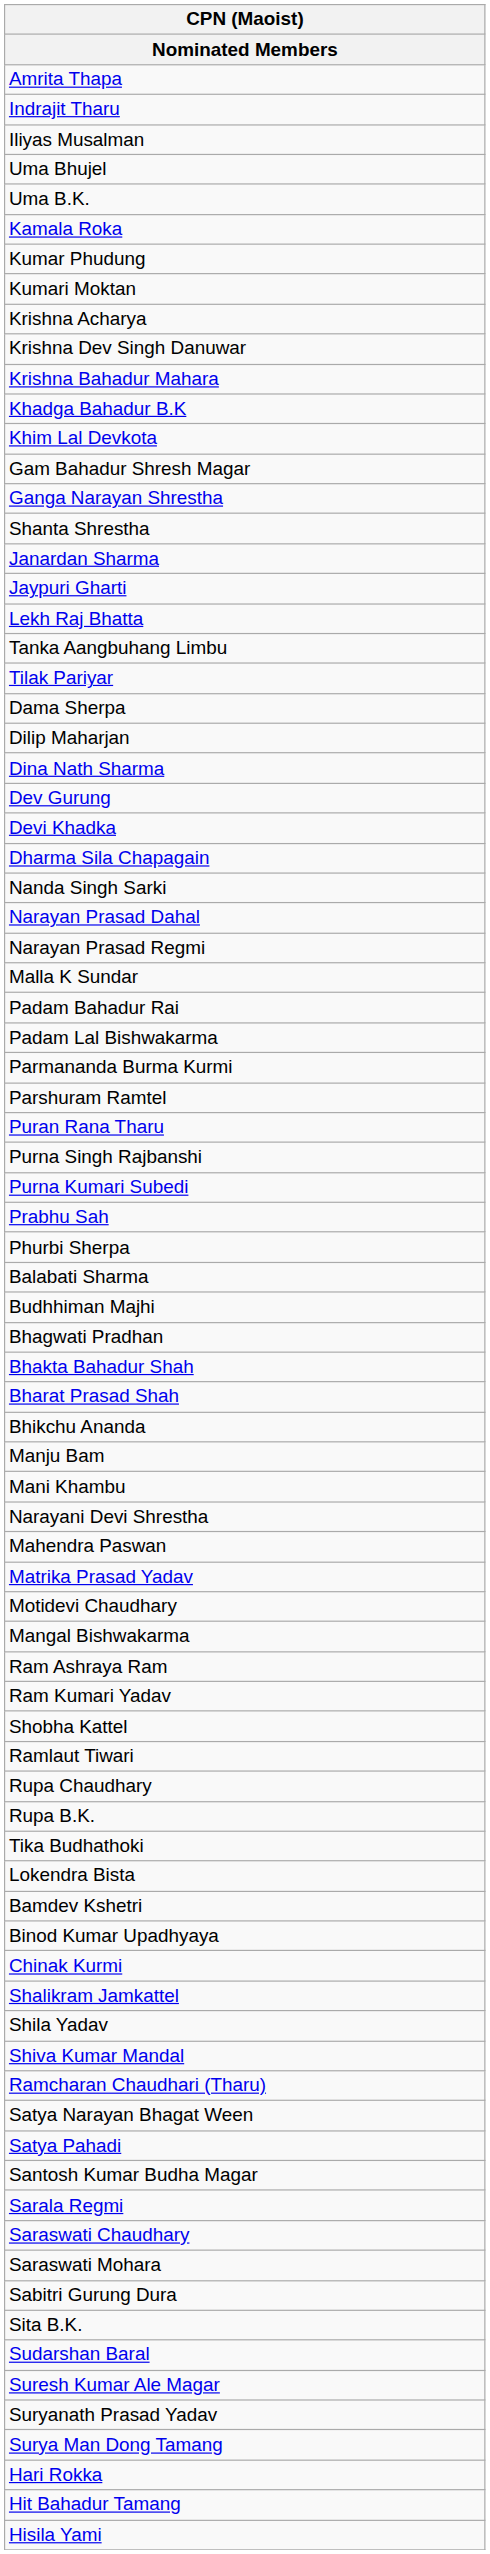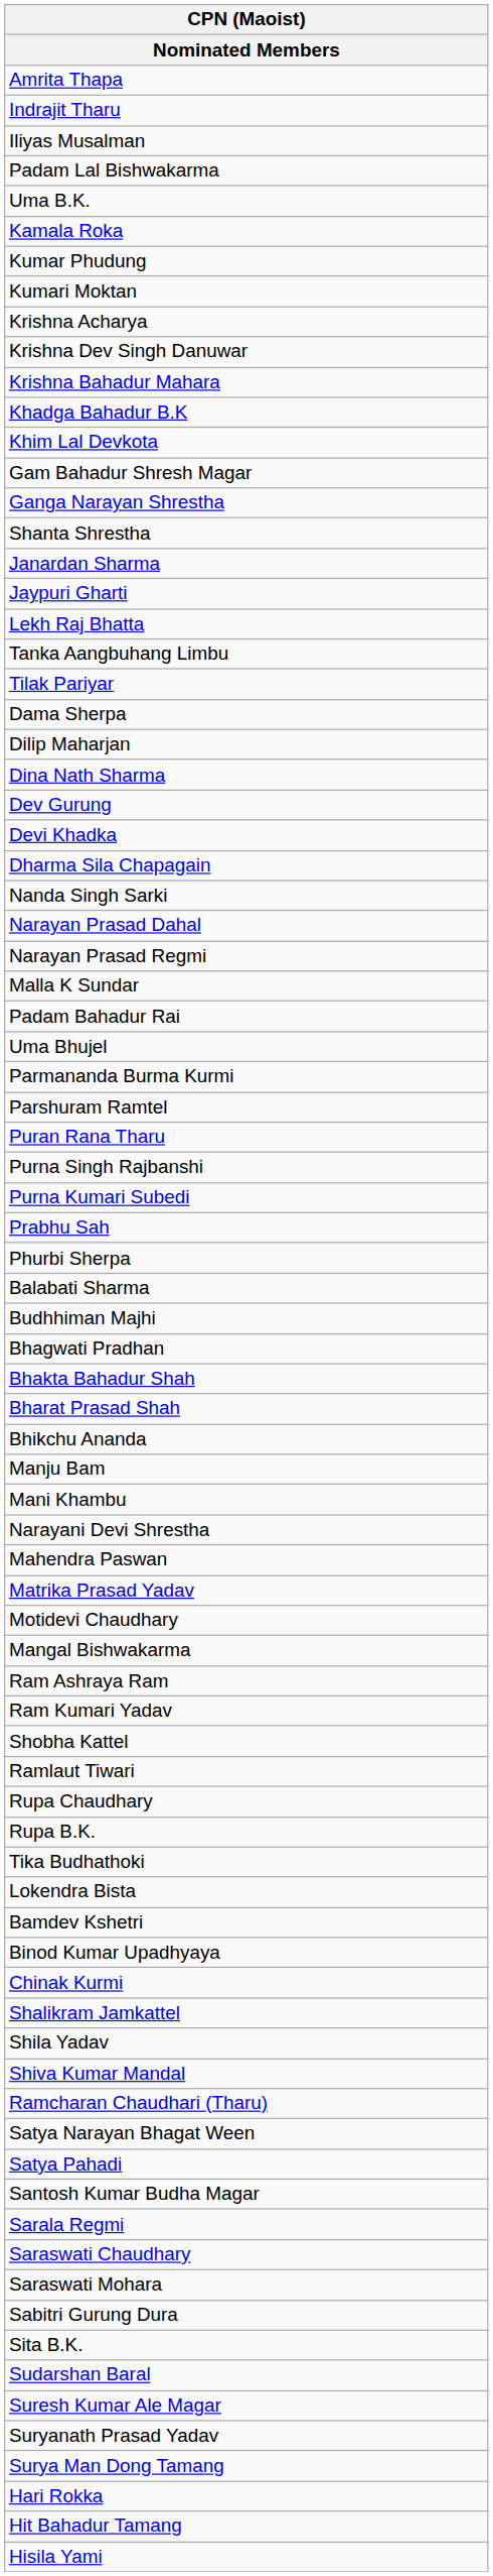 <table role="presentation" class="wikitable mw-collapsible mw-collapsed">
 <tr>
 <th style="width: 300pt; background: ">CPN (Maoist)</th>
 </tr>
 <tr>
 <th>Nominated Members</th>
 </tr>
 <tr>
 <td><a href='#'>Amrita Thapa</a></td>
 </tr>
 <tr>
 <td><a href='#'>Indrajit Tharu</a></td>
 </tr>
 <tr>
 <td>Iliyas Musalman</td>
 </tr>
 <tr>
-<td>Uma Bhujel</td>
+<td>Padam Lal Bishwakarma</td>
 </tr>
 <tr>
 <td>Uma B.K.</td>
 </tr>
 <tr>
 <td><a href='#'>Kamala Roka</a></td>
 </tr>
 <tr>
 <td>Kumar Phudung</td>
 </tr>
 <tr>
 <td>Kumari Moktan</td>
 </tr>
 <tr>
 <td>Krishna Acharya</td>
 </tr>
 <tr>
 <td>Krishna Dev Singh Danuwar</td>
 </tr>
 <tr>
 <td><a href='#'>Krishna Bahadur Mahara</a></td>
 </tr>
 <tr>
 <td><a href='#'>Khadga Bahadur B.K</a></td>
 </tr>
 <tr>
 <td><a href='#'>Khim Lal Devkota</a></td>
 </tr>
 <tr>
 <td>Gam Bahadur Shresh Magar</td>
 </tr>
 <tr>
 <td><a href='#'>Ganga Narayan Shrestha</a></td>
 </tr>
 <tr>
 <td>Shanta Shrestha</td>
 </tr>
 <tr>
 <td><a href='#'>Janardan Sharma</a></td>
 </tr>
 <tr>
 <td><a href='#'>Jaypuri Gharti</a></td>
 </tr>
 <tr>
 <td><a href='#'>Lekh Raj Bhatta</a></td>
 </tr>
 <tr>
 <td>Tanka Aangbuhang Limbu</td>
 </tr>
 <tr>
 <td><a href='#'>Tilak Pariyar</a></td>
 </tr>
 <tr>
 <td>Dama Sherpa</td>
 </tr>
 <tr>
 <td>Dilip Maharjan</td>
 </tr>
 <tr>
 <td><a href='#'>Dina Nath Sharma</a></td>
 </tr>
 <tr>
 <td><a href='#'>Dev Gurung</a></td>
 </tr>
 <tr>
 <td><a href='#'>Devi Khadka</a></td>
 </tr>
 <tr>
 <td><a href='#'>Dharma Sila Chapagain</a></td>
 </tr>
 <tr>
 <td>Nanda Singh Sarki</td>
 </tr>
 <tr>
 <td><a href='#'>Narayan Prasad Dahal</a></td>
 </tr>
 <tr>
 <td>Narayan Prasad Regmi</td>
 </tr>
 <tr>
 <td>Malla K Sundar</td>
 </tr>
 <tr>
 <td>Padam Bahadur Rai</td>
 </tr>
 <tr>
-<td>Padam Lal Bishwakarma</td>
+<td>Uma Bhujel</td>
 </tr>
 <tr>
 <td>Parmananda Burma Kurmi</td>
 </tr>
 <tr>
 <td>Parshuram Ramtel</td>
 </tr>
 <tr>
 <td><a href='#'>Puran Rana Tharu</a></td>
 </tr>
 <tr>
 <td>Purna Singh Rajbanshi</td>
 </tr>
 <tr>
 <td><a href='#'>Purna Kumari Subedi</a></td>
 </tr>
 <tr>
 <td><a href='#'>Prabhu Sah</a></td>
 </tr>
 <tr>
 <td>Phurbi Sherpa</td>
 </tr>
 <tr>
 <td>Balabati Sharma</td>
 </tr>
 <tr>
 <td>Budhhiman Majhi</td>
 </tr>
 <tr>
 <td>Bhagwati Pradhan</td>
 </tr>
 <tr>
 <td><a href='#'>Bhakta Bahadur Shah</a></td>
 </tr>
 <tr>
 <td><a href='#'>Bharat Prasad Shah</a></td>
 </tr>
 <tr>
 <td>Bhikchu Ananda</td>
 </tr>
 <tr>
 <td>Manju Bam</td>
 </tr>
 <tr>
 <td>Mani Khambu</td>
 </tr>
 <tr>
 <td>Narayani Devi Shrestha</td>
 </tr>
 <tr>
 <td>Mahendra Paswan</td>
 </tr>
 <tr>
 <td><a href='#'>Matrika Prasad Yadav</a></td>
 </tr>
 <tr>
 <td>Motidevi Chaudhary</td>
 </tr>
 <tr>
 <td>Mangal Bishwakarma</td>
 </tr>
 <tr>
 <td>Ram Ashraya Ram</td>
 </tr>
 <tr>
 <td>Ram Kumari Yadav</td>
 </tr>
 <tr>
 <td>Shobha Kattel</td>
 </tr>
 <tr>
 <td>Ramlaut Tiwari</td>
 </tr>
 <tr>
 <td>Rupa Chaudhary</td>
 </tr>
 <tr>
 <td>Rupa B.K.</td>
 </tr>
 <tr>
 <td>Tika Budhathoki</td>
 </tr>
 <tr>
 <td>Lokendra Bista</td>
 </tr>
 <tr>
 <td>Bamdev Kshetri</td>
 </tr>
 <tr>
 <td>Binod Kumar Upadhyaya</td>
 </tr>
 <tr>
 <td><a href='#'>Chinak Kurmi</a></td>
 </tr>
 <tr>
 <td><a href='#'>Shalikram Jamkattel</a></td>
 </tr>
 <tr>
 <td>Shila Yadav</td>
 </tr>
 <tr>
 <td><a href='#'>Shiva Kumar Mandal</a></td>
 </tr>
 <tr>
 <td><a href='#'>Ramcharan Chaudhari (Tharu)</a></td>
 </tr>
 <tr>
 <td>Satya Narayan Bhagat Ween</td>
 </tr>
 <tr>
 <td><a href='#'>Satya Pahadi</a></td>
 </tr>
 <tr>
 <td>Santosh Kumar Budha Magar</td>
 </tr>
 <tr>
 <td><a href='#'>Sarala Regmi</a></td>
 </tr>
 <tr>
 <td><a href='#'>Saraswati Chaudhary</a></td>
 </tr>
 <tr>
 <td>Saraswati Mohara</td>
 </tr>
 <tr>
 <td>Sabitri Gurung Dura</td>
 </tr>
 <tr>
 <td>Sita B.K.</td>
 </tr>
 <tr>
 <td><a href='#'>Sudarshan Baral</a></td>
 </tr>
 <tr>
 <td><a href='#'>Suresh Kumar Ale Magar</a></td>
 </tr>
 <tr>
 <td>Suryanath Prasad Yadav</td>
 </tr>
 <tr>
 <td><a href='#'>Surya Man Dong Tamang</a></td>
 </tr>
 <tr>
 <td><a href='#'>Hari Rokka</a></td>
 </tr>
 <tr>
 <td><a href='#'>Hit Bahadur Tamang</a></td>
 </tr>
 <tr>
 <td><a href='#'>Hisila Yami</a></td>
 </tr>
 </table>
